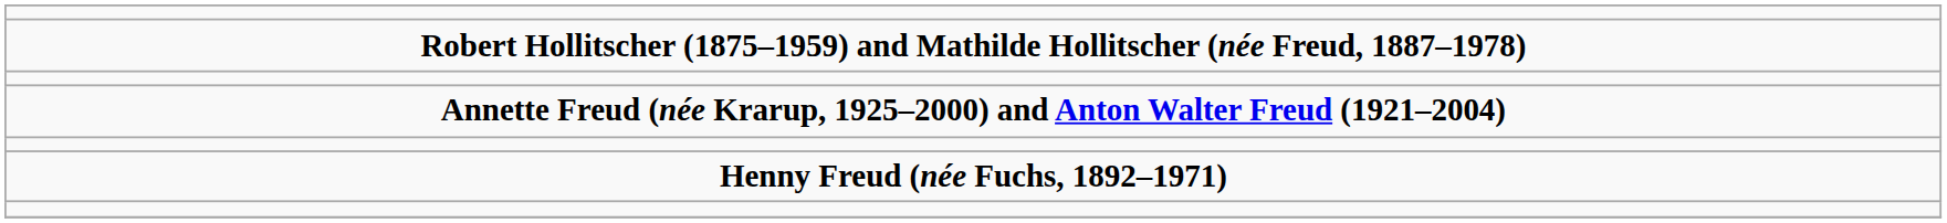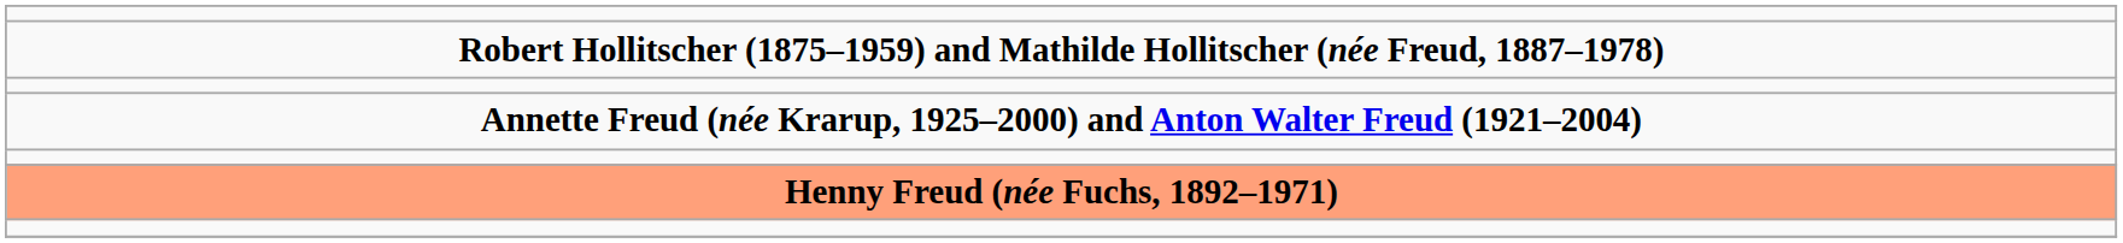 <table class="wikitable";>
 <tr>
 <td colspan="2"></td>
 </tr>
 <tr>
 <td style="width:60em; text-align:center;"><strong>Robert Hollitscher (1875–1959) and Mathilde Hollitscher (<em>née</em>  Freud, 1887–1978)</strong></td>
 </tr>
 <tr>
 <td colspan="2"></td>
 </tr>
 <tr>
 <td style="width:60em; text-align:center;"><strong>Annette Freud (<em>née</em> Krarup, 1925–2000) and <a href='#'>Anton Walter Freud</a> (1921–2004)</strong></td>
 </tr>
 <tr>
 <td colspan="2"></td>
 </tr>
 <tr>
-<td style="width:60em; text-align:center;"><strong>Henny Freud (<em>née</em> Fuchs, 1892–1971)</strong></td>
+<td style="background: lightsalmon; width:60em; text-align:center;"><strong>Henny Freud (<em>née</em> Fuchs, 1892–1971)</strong></td>
 </tr>
 <tr>
 <td colspan="2"></td>
 </tr>
 <tr>
 </tr>
 </table>
